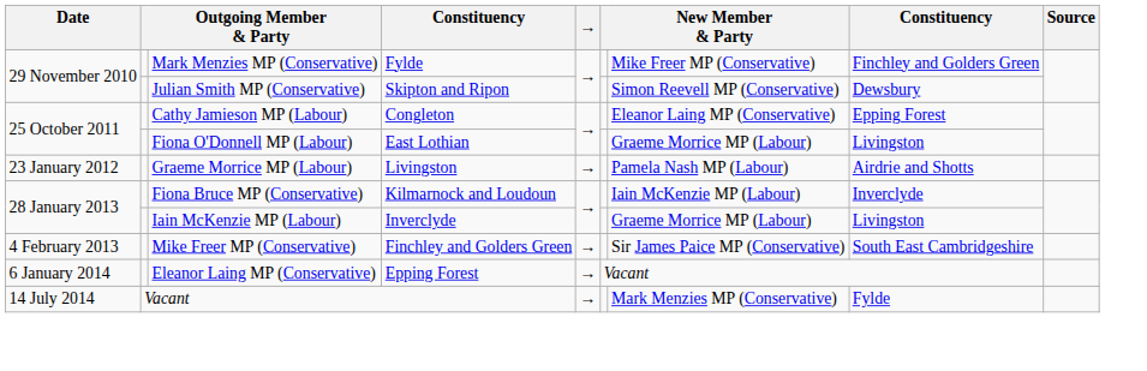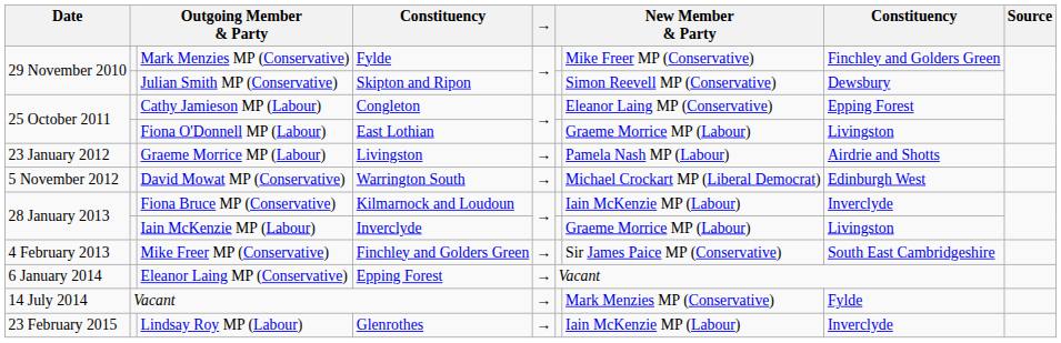 <table class="wikitable">
 <tr>
 <th valign="top">Date</th>
 <th colspan="2" valign="top">Outgoing Member<br>& Party</th>
 <th valign="top">Constituency</th>
 <th>→</th>
 <th colspan="2" valign="top">New Member<br>& Party</th>
 <th valign="top">Constituency</th>
 <th valign="top">Source</th>
 </tr>
 <tr>
 <td rowspan=2 nowrap>29 November 2010</td>
 <td style="color:inherit;background:"></td>
 <td><a href='#'>Mark Menzies</a> MP (<a href='#'>Conservative</a>)</td>
 <td><a href='#'>Fylde</a></td>
 <td rowspan=2>→</td>
 <td style="color:inherit;background:"></td>
 <td><a href='#'>Mike Freer</a> MP (<a href='#'>Conservative</a>)</td>
 <td><a href='#'>Finchley and Golders Green</a></td>
 <td rowspan=2></td>
 </tr>
 <tr>
 <td style="color:inherit;background:"></td>
 <td><a href='#'>Julian Smith</a> MP (<a href='#'>Conservative</a>)</td>
 <td><a href='#'>Skipton and Ripon</a></td>
 <td style="color:inherit;background:"></td>
 <td><a href='#'>Simon Reevell</a> MP (<a href='#'>Conservative</a>)</td>
 <td><a href='#'>Dewsbury</a></td>
 </tr>
 <tr>
 <td rowspan=2>25 October 2011</td>
 <td style="color:inherit;background:"></td>
 <td><a href='#'>Cathy Jamieson</a> MP (<a href='#'>Labour</a>)</td>
 <td><a href='#'>Congleton</a></td>
 <td rowspan=2>→</td>
 <td style="color:inherit;background:"></td>
 <td><a href='#'>Eleanor Laing</a> MP (<a href='#'>Conservative</a>)</td>
 <td><a href='#'>Epping Forest</a></td>
 <td rowspan=2></td>
 </tr>
 <tr>
 <td style="color:inherit;background:"></td>
 <td><a href='#'>Fiona O'Donnell</a> MP (<a href='#'>Labour</a>)</td>
 <td><a href='#'>East Lothian</a></td>
 <td style="color:inherit;background:"></td>
 <td><a href='#'>Graeme Morrice</a> MP (<a href='#'>Labour</a>)</td>
 <td><a href='#'>Livingston</a></td>
 </tr>
 <tr>
 <td>23 January 2012</td>
 <td style="color:inherit;background:"></td>
 <td><a href='#'>Graeme Morrice</a> MP (<a href='#'>Labour</a>)</td>
 <td><a href='#'>Livingston</a></td>
 <td>→</td>
 <td style="color:inherit;background:"></td>
 <td><a href='#'>Pamela Nash</a> MP (<a href='#'>Labour</a>)</td>
 <td><a href='#'>Airdrie and Shotts</a></td>
 <td></td>
 </tr>
 <tr>
+<td>5 November 2012</td>
+<td style="color:inherit;background:"></td>
+<td><a href='#'>David Mowat</a> MP (<a href='#'>Conservative</a>)</td>
+<td><a href='#'>Warrington South</a></td>
+<td>→</td>
+<td style="color:inherit;background:"></td>
+<td><a href='#'>Michael Crockart</a> MP (<a href='#'>Liberal Democrat</a>)</td>
+<td><a href='#'>Edinburgh West</a></td>
+<td></td>
+</tr>
+<tr>
 <td rowspan=2>28 January 2013</td>
 <td style="color:inherit;background:"></td>
 <td><a href='#'>Fiona Bruce</a> MP (<a href='#'>Conservative</a>)</td>
 <td><a href='#'>Kilmarnock and Loudoun</a></td>
 <td rowspan=2>→</td>
 <td style="color:inherit;background:"></td>
 <td><a href='#'>Iain McKenzie</a> MP (<a href='#'>Labour</a>)</td>
 <td><a href='#'>Inverclyde</a></td>
 <td rowspan=2></td>
 </tr>
 <tr>
 <td style="color:inherit;background:"></td>
 <td><a href='#'>Iain McKenzie</a> MP (<a href='#'>Labour</a>)</td>
 <td><a href='#'>Inverclyde</a></td>
 <td style="color:inherit;background:"></td>
 <td><a href='#'>Graeme Morrice</a> MP (<a href='#'>Labour</a>)</td>
 <td><a href='#'>Livingston</a></td>
 </tr>
 <tr>
 <td>4 February 2013</td>
 <td style="color:inherit;background:"></td>
 <td><a href='#'>Mike Freer</a> MP (<a href='#'>Conservative</a>)</td>
 <td><a href='#'>Finchley and Golders Green</a></td>
 <td>→</td>
 <td style="color:inherit;background:"></td>
 <td>Sir <a href='#'>James Paice</a> MP (<a href='#'>Conservative</a>)</td>
 <td><a href='#'>South East Cambridgeshire</a></td>
 <td></td>
 </tr>
 <tr>
 <td>6 January 2014</td>
 <td style="color:inherit;background:"></td>
 <td><a href='#'>Eleanor Laing</a> MP (<a href='#'>Conservative</a>)</td>
 <td><a href='#'>Epping Forest</a></td>
 <td>→</td>
 <td colspan=3><em>Vacant</em></td>
 <td></td>
 </tr>
 <tr>
 <td>14 July 2014</td>
 <td colspan=3><em>Vacant</em></td>
 <td>→</td>
 <td style="color:inherit;background:"></td>
 <td><a href='#'>Mark Menzies</a> MP (<a href='#'>Conservative</a>)</td>
 <td><a href='#'>Fylde</a></td>
 <td></td>
 </tr>
+<tr>
+<td>23 February 2015</td>
+<td style="color:inherit;background:"></td>
+<td><a href='#'>Lindsay Roy</a> MP (<a href='#'>Labour</a>)</td>
+<td><a href='#'>Glenrothes</a></td>
+<td>→</td>
+<td style="color:inherit;background:"></td>
+<td><a href='#'>Iain McKenzie</a> MP (<a href='#'>Labour</a>)</td>
+<td><a href='#'>Inverclyde</a></td>
+<td></td>
+</tr>
 </table>
